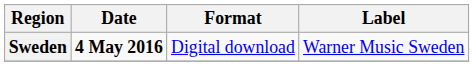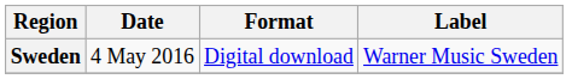 <table class="wikitable plainrowheaders">
 <tr>
 <th scope="col">Region</th>
 <th scope="col">Date</th>
 <th scope="col">Format</th>
 <th scope="col">Label</th>
 </tr>
 <tr>
 <th scope="row">Sweden</th>
-<td><strong>4 May 2016</strong></td>
+<td>4 May 2016</td>
 <td><a href='#'>Digital download</a></td>
 <td><a href='#'>Warner Music Sweden</a></td>
 </tr>
 <tr>
 </tr>
 </table>
